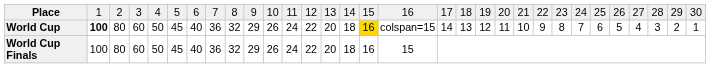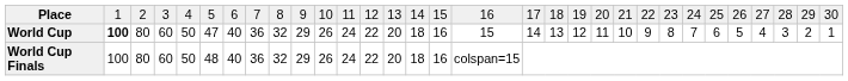 <table border="1" cellpadding="2" cellspacing="0" style="border:1px solid #C0C0C0; border-collapse:collapse; font-size:86%; margin-top:1em; text-align:center" width="900">
 <tr bgcolor="#F0F0F0">
 <td width=180><strong>Place</strong></td>
 <td width=25>1</td>
 <td width=25>2</td>
 <td width=25>3</td>
 <td width=25>4</td>
 <td width=25>5</td>
 <td width=25>6</td>
 <td width=25>7</td>
 <td width=25>8</td>
 <td width=25>9</td>
 <td width=25>10</td>
 <td width=25>11</td>
 <td width=25>12</td>
 <td width=25>13</td>
 <td width=25>14</td>
 <td width=25>15</td>
 <td width=25>16</td>
 <td width=25>17</td>
 <td width=25>18</td>
 <td width=25>19</td>
 <td width=25>20</td>
 <td width=25>21</td>
 <td width=25>22</td>
 <td width=25>23</td>
 <td width=25>24</td>
 <td width=25>25</td>
 <td width=25>26</td>
 <td width=25>27</td>
 <td width=25>28</td>
 <td width=25>29</td>
 <td width=25>30</td>
 </tr>
 <tr>
 <td bgcolor="#F0F0F0" align=left><strong>World Cup</strong></td>
 <td><strong>100</strong></td>
 <td>80</td>
 <td>60</td>
 <td>50</td>
-<td>45</td>
+<td>47</td>
 <td>40</td>
 <td>36</td>
 <td>32</td>
 <td>29</td>
 <td>26</td>
 <td>24</td>
 <td>22</td>
 <td>20</td>
 <td>18</td>
-<td style="background: gold;">16</td>
-<td>colspan=15</td>
+<td>16</td>
+<td>15</td>
 <td>14</td>
 <td>13</td>
 <td>12</td>
 <td>11</td>
 <td>10</td>
 <td>9</td>
 <td>8</td>
 <td>7</td>
 <td>6</td>
 <td>5</td>
 <td>4</td>
 <td>3</td>
 <td>2</td>
 <td>1</td>
 </tr>
 <tr>
 <td bgcolor="#F0F0F0" align=left><strong>World Cup Finals</strong></td>
 <td>100</td>
 <td>80</td>
 <td>60</td>
 <td>50</td>
-<td>45</td>
+<td>48</td>
 <td>40</td>
 <td>36</td>
 <td>32</td>
 <td>29</td>
 <td>26</td>
 <td>24</td>
 <td>22</td>
 <td>20</td>
 <td>18</td>
 <td>16</td>
-<td>15</td>
+<td>colspan=15</td>
 </tr>
 </table>
